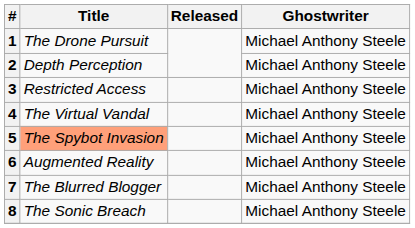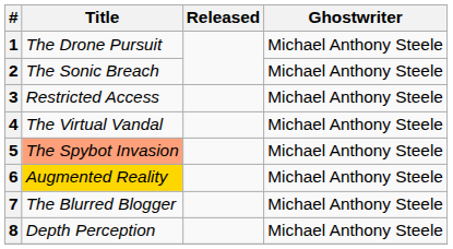 <table class="wikitable">
 <tr>
 <th>#</th>
 <th>Title</th>
 <th>Released</th>
 <th>Ghostwriter</th>
 </tr>
 <tr>
 <th>1</th>
 <td><em>The Drone Pursuit</em></td>
 <td rowspan="2"></td>
 <td>Michael Anthony Steele</td>
 </tr>
 <tr>
 <th>2</th>
-<td><em>Depth Perception</em></td>
+<td><em>The Sonic Breach</em></td>
 <td>Michael Anthony Steele</td>
 </tr>
 <tr>
 <th>3</th>
 <td><em>Restricted Access</em></td>
 <td></td>
 <td>Michael Anthony Steele</td>
 </tr>
 <tr>
 <th>4</th>
 <td><em>The Virtual Vandal</em></td>
 <td></td>
 <td>Michael Anthony Steele</td>
 </tr>
 <tr>
 <th>5</th>
 <td style="background: lightsalmon;"><em>The Spybot Invasion</em></td>
 <td></td>
 <td>Michael Anthony Steele</td>
 </tr>
 <tr>
 <th>6</th>
-<td><em>Augmented Reality</em></td>
+<td style="background: gold;"><em>Augmented Reality</em></td>
 <td></td>
 <td>Michael Anthony Steele</td>
 </tr>
 <tr>
 <th>7</th>
 <td><em>The Blurred Blogger</em></td>
 <td></td>
 <td>Michael Anthony Steele</td>
 </tr>
 <tr>
 <th>8</th>
-<td><em>The Sonic Breach</em></td>
+<td><em>Depth Perception</em></td>
 <td></td>
 <td>Michael Anthony Steele</td>
 </tr>
 <tr>
 </tr>
 </table>
